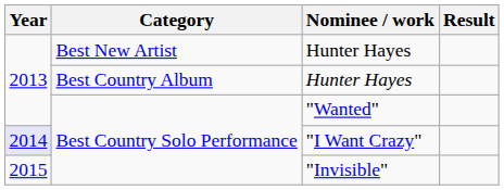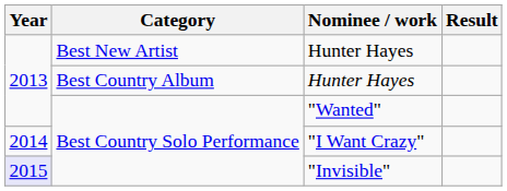 <table class="wikitable">
 <tr>
 <th>Year</th>
 <th>Category</th>
 <th>Nominee / work</th>
 <th>Result</th>
 </tr>
 <tr>
 <td rowspan="3"><a href='#'>2013</a></td>
 <td><a href='#'>Best New Artist</a></td>
 <td>Hunter Hayes</td>
 <td></td>
 </tr>
 <tr>
 <td><a href='#'>Best Country Album</a></td>
 <td><em>Hunter Hayes</em></td>
 <td></td>
 </tr>
 <tr>
 <td rowspan="3"><a href='#'>Best Country Solo Performance</a></td>
 <td>"<a href='#'>Wanted</a>"</td>
 <td></td>
 </tr>
 <tr>
-<td style="background: lavender;"><a href='#'>2014</a></td>
+<td><a href='#'>2014</a></td>
 <td>"<a href='#'>I Want Crazy</a>"</td>
 <td></td>
 </tr>
 <tr>
-<td><a href='#'>2015</a></td>
+<td style="background: lavender;"><a href='#'>2015</a></td>
 <td>"<a href='#'>Invisible</a>"</td>
 <td></td>
 </tr>
 </table>
